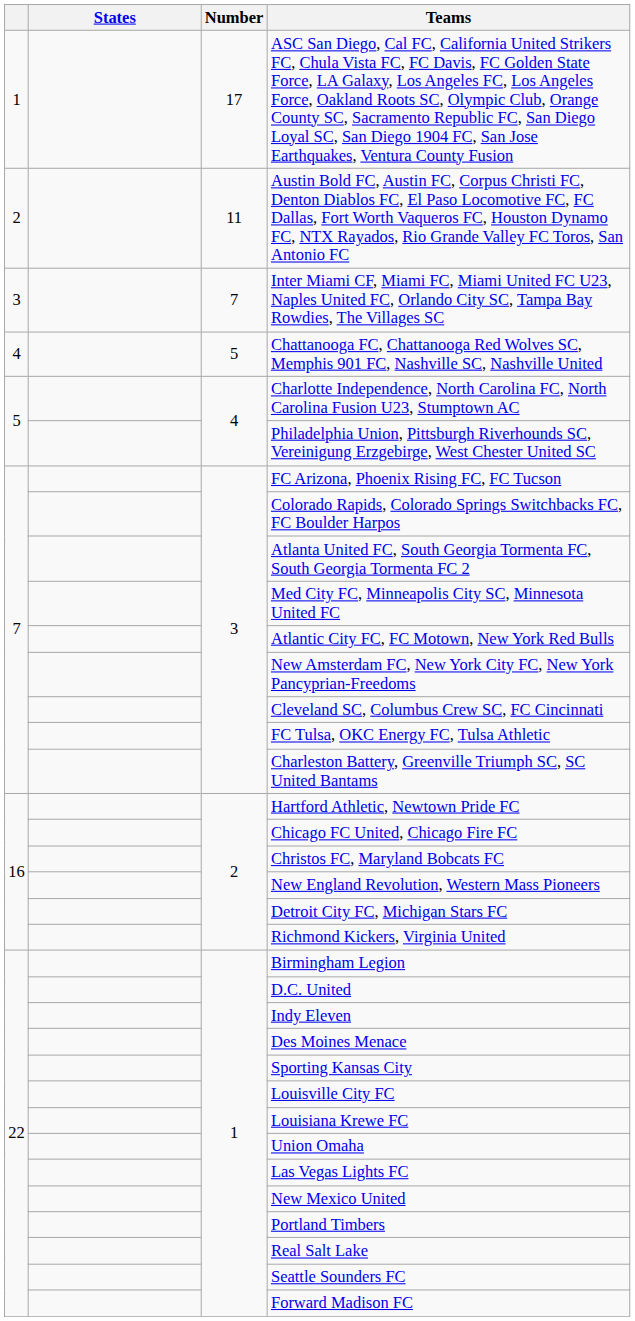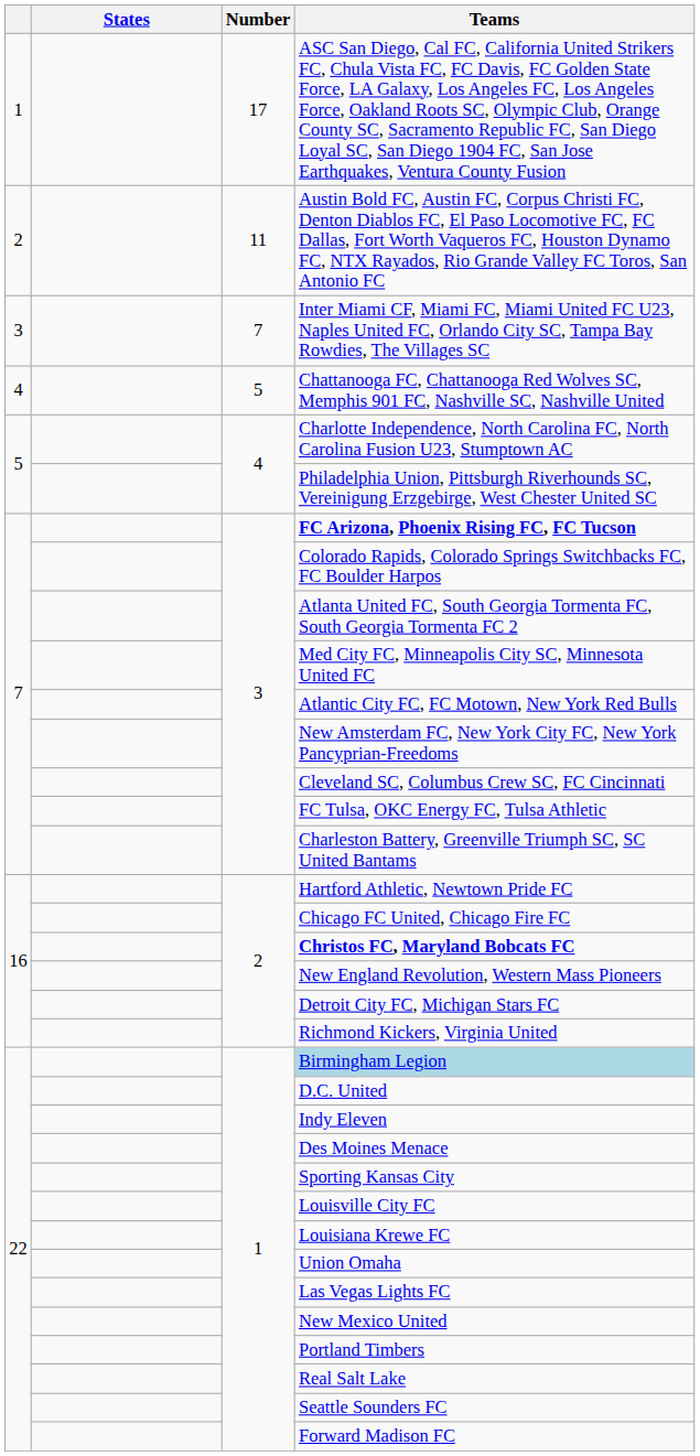 <table class="wikitable">
 <tr>
 <th></th>
 <th scope="col" style="width: 160px;"><a href='#'>States</a></th>
 <th>Number</th>
 <th>Teams</th>
 </tr>
 <tr>
 <td align=center>1</td>
 <td></td>
 <td align=center>17</td>
 <td><a href='#'>ASC San Diego</a>, <a href='#'>Cal FC</a>, <a href='#'>California United Strikers FC</a>, <a href='#'>Chula Vista FC</a>, <a href='#'>FC Davis</a>, <a href='#'>FC Golden State Force</a>, <a href='#'>LA Galaxy</a>, <a href='#'>Los Angeles FC</a>, <a href='#'>Los Angeles Force</a>, <a href='#'>Oakland Roots SC</a>, <a href='#'>Olympic Club</a>, <a href='#'>Orange County SC</a>, <a href='#'>Sacramento Republic FC</a>, <a href='#'>San Diego Loyal SC</a>, <a href='#'>San Diego 1904 FC</a>, <a href='#'>San Jose Earthquakes</a>, <a href='#'>Ventura County Fusion</a></td>
 </tr>
 <tr>
 <td align=center>2</td>
 <td></td>
 <td align=center>11</td>
 <td><a href='#'>Austin Bold FC</a>, <a href='#'>Austin FC</a>, <a href='#'>Corpus Christi FC</a>, <a href='#'>Denton Diablos FC</a>, <a href='#'>El Paso Locomotive FC</a>, <a href='#'>FC Dallas</a>, <a href='#'>Fort Worth Vaqueros FC</a>, <a href='#'>Houston Dynamo FC</a>, <a href='#'>NTX Rayados</a>, <a href='#'>Rio Grande Valley FC Toros</a>, <a href='#'>San Antonio FC</a></td>
 </tr>
 <tr>
 <td align=center>3</td>
 <td></td>
 <td align=center>7</td>
 <td><a href='#'>Inter Miami CF</a>, <a href='#'>Miami FC</a>, <a href='#'>Miami United FC U23</a>, <a href='#'>Naples United FC</a>, <a href='#'>Orlando City SC</a>, <a href='#'>Tampa Bay Rowdies</a>, <a href='#'>The Villages SC</a></td>
 </tr>
 <tr>
 <td align=center>4</td>
 <td></td>
 <td align=center>5</td>
 <td><a href='#'>Chattanooga FC</a>, <a href='#'>Chattanooga Red Wolves SC</a>, <a href='#'>Memphis 901 FC</a>, <a href='#'>Nashville SC</a>, <a href='#'>Nashville United</a></td>
 </tr>
 <tr>
 <td rowspan="2" align=center>5</td>
 <td></td>
 <td rowspan="2" align=center>4</td>
 <td><a href='#'>Charlotte Independence</a>, <a href='#'>North Carolina FC</a>, <a href='#'>North Carolina Fusion U23</a>, <a href='#'>Stumptown AC</a></td>
 </tr>
 <tr>
 <td></td>
 <td><a href='#'>Philadelphia Union</a>, <a href='#'>Pittsburgh Riverhounds SC</a>, <a href='#'>Vereinigung Erzgebirge</a>, <a href='#'>West Chester United SC</a></td>
 </tr>
 <tr>
 <td rowspan="9" align=center>7</td>
 <td></td>
 <td rowspan="9" align=center>3</td>
-<td><a href='#'>FC Arizona</a>, <a href='#'>Phoenix Rising FC</a>, <a href='#'>FC Tucson</a></td>
+<td><strong><a href='#'>FC Arizona</a>, <a href='#'>Phoenix Rising FC</a>, <a href='#'>FC Tucson</a></strong></td>
 </tr>
 <tr>
 <td></td>
 <td><a href='#'>Colorado Rapids</a>, <a href='#'>Colorado Springs Switchbacks FC</a>, <a href='#'>FC Boulder Harpos</a></td>
 </tr>
 <tr>
 <td></td>
 <td><a href='#'>Atlanta United FC</a>, <a href='#'>South Georgia Tormenta FC</a>, <a href='#'>South Georgia Tormenta FC 2</a></td>
 </tr>
 <tr>
 <td></td>
 <td><a href='#'>Med City FC</a>, <a href='#'>Minneapolis City SC</a>, <a href='#'>Minnesota United FC</a></td>
 </tr>
 <tr>
 <td></td>
 <td><a href='#'>Atlantic City FC</a>, <a href='#'>FC Motown</a>, <a href='#'>New York Red Bulls</a></td>
 </tr>
 <tr>
 <td></td>
 <td><a href='#'>New Amsterdam FC</a>, <a href='#'>New York City FC</a>, <a href='#'>New York Pancyprian-Freedoms</a></td>
 </tr>
 <tr>
 <td></td>
 <td><a href='#'>Cleveland SC</a>, <a href='#'>Columbus Crew SC</a>, <a href='#'>FC Cincinnati</a></td>
 </tr>
 <tr>
 <td></td>
 <td><a href='#'>FC Tulsa</a>, <a href='#'>OKC Energy FC</a>, <a href='#'>Tulsa Athletic</a></td>
 </tr>
 <tr>
 <td></td>
 <td><a href='#'>Charleston Battery</a>, <a href='#'>Greenville Triumph SC</a>, <a href='#'>SC United Bantams</a></td>
 </tr>
 <tr>
 <td rowspan="6" align=center>16</td>
 <td></td>
 <td rowspan="6" align=center>2</td>
 <td><a href='#'>Hartford Athletic</a>, <a href='#'>Newtown Pride FC</a></td>
 </tr>
 <tr>
 <td></td>
 <td><a href='#'>Chicago FC United</a>, <a href='#'>Chicago Fire FC</a></td>
 </tr>
 <tr>
 <td></td>
-<td><a href='#'>Christos FC</a>, <a href='#'>Maryland Bobcats FC</a></td>
+<td><strong><a href='#'>Christos FC</a>, <a href='#'>Maryland Bobcats FC</a></strong></td>
 </tr>
 <tr>
 <td></td>
 <td><a href='#'>New England Revolution</a>, <a href='#'>Western Mass Pioneers</a></td>
 </tr>
 <tr>
 <td></td>
 <td><a href='#'>Detroit City FC</a>, <a href='#'>Michigan Stars FC</a></td>
 </tr>
 <tr>
 <td></td>
 <td><a href='#'>Richmond Kickers</a>, <a href='#'>Virginia United</a></td>
 </tr>
 <tr>
 <td rowspan="14" align=center>22</td>
 <td></td>
 <td rowspan="14" align=center>1</td>
-<td><a href='#'>Birmingham Legion</a></td>
+<td style="background: lightblue;"><a href='#'>Birmingham Legion</a></td>
 </tr>
 <tr>
 <td></td>
 <td><a href='#'>D.C. United</a></td>
 </tr>
 <tr>
 <td></td>
 <td><a href='#'>Indy Eleven</a></td>
 </tr>
 <tr>
 <td></td>
 <td><a href='#'>Des Moines Menace</a></td>
 </tr>
 <tr>
 <td></td>
 <td><a href='#'>Sporting Kansas City</a></td>
 </tr>
 <tr>
 <td></td>
 <td><a href='#'>Louisville City FC</a></td>
 </tr>
 <tr>
 <td></td>
 <td><a href='#'>Louisiana Krewe FC</a></td>
 </tr>
 <tr>
 <td></td>
 <td><a href='#'>Union Omaha</a></td>
 </tr>
 <tr>
 <td></td>
 <td><a href='#'>Las Vegas Lights FC</a></td>
 </tr>
 <tr>
 <td></td>
 <td><a href='#'>New Mexico United</a></td>
 </tr>
 <tr>
 <td></td>
 <td><a href='#'>Portland Timbers</a></td>
 </tr>
 <tr>
 <td></td>
 <td><a href='#'>Real Salt Lake</a></td>
 </tr>
 <tr>
 <td></td>
 <td><a href='#'>Seattle Sounders FC</a></td>
 </tr>
 <tr>
 <td></td>
 <td><a href='#'>Forward Madison FC</a></td>
 </tr>
 </table>
